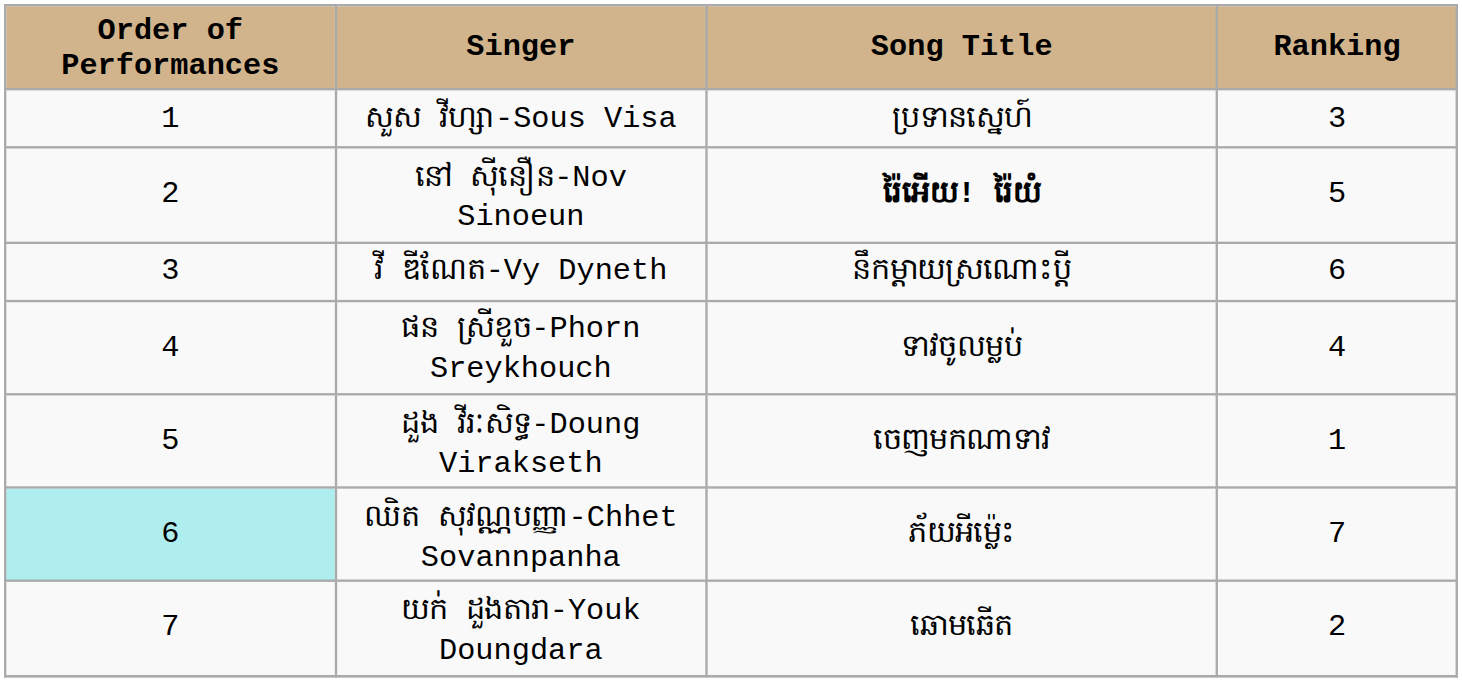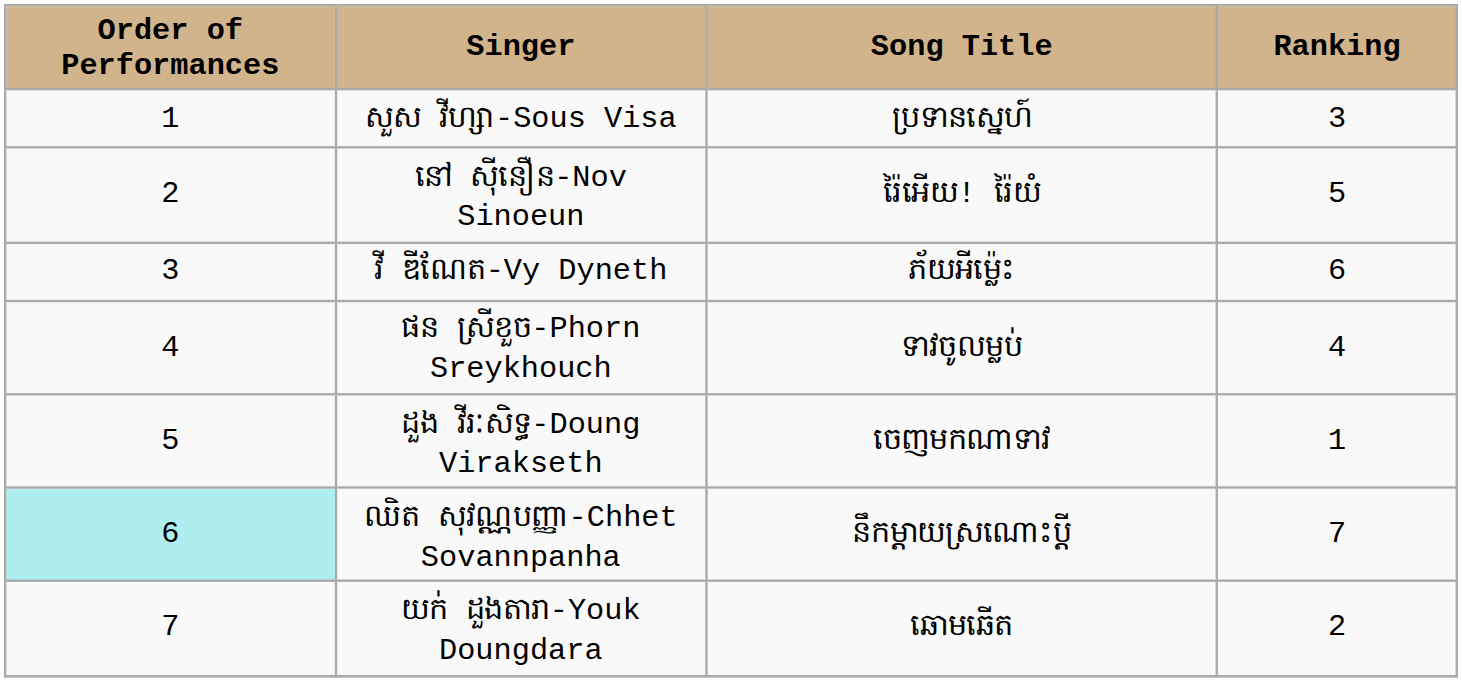 <table class="wikitable sortable mw-collapsible" width="100%" style="text-align:center">
 <tr align=center style="background:tan">
 <td style="width:5%"><strong>Order of Performances</strong></td>
 <td style="width:8%"><strong>Singer</strong></td>
 <td style="width:15%"><strong>Song Title</strong></td>
 <td style="width:5%"><strong>Ranking</strong></td>
 </tr>
 <tr>
 <td>1</td>
 <td>សួស វីហ្សា-Sous Visa</td>
 <td>ប្រទានស្នេហ៍</td>
 <td>3</td>
 </tr>
 <tr align="center">
 <td>2</td>
 <td>នៅ ស៊ីនឿន-Nov Sinoeun</td>
-<td><strong>រ៉ៃអើយ! រ៉ៃយំ</strong></td>
+<td>រ៉ៃអើយ! រ៉ៃយំ</td>
 <td>5</td>
 </tr>
 <tr align="center">
 <td>3</td>
 <td>វី ឌីណែត-Vy Dyneth</td>
-<td>នឹកម្ដាយស្រណោះប្តី</td>
+<td>ភ័យអីម៉្លេះ</td>
 <td>6</td>
 </tr>
 <tr align="center">
 <td>4</td>
 <td>ផន ស្រីខួច-Phorn Sreykhouch</td>
 <td>ទាវចូលម្លប់</td>
 <td>4</td>
 </tr>
 <tr align="center">
 <td>5</td>
 <td>ដួង វីរៈសិទ្ធ-Doung Virakseth</td>
 <td>ចេញមកណាទាវ</td>
 <td>1</td>
 </tr>
 <tr align="center">
 <td style="background: paleturquoise;">6</td>
 <td>ឈិត សុវណ្ណបញ្ញា-Chhet Sovannpanha</td>
-<td>ភ័យអីម៉្លេះ</td>
+<td>នឹកម្ដាយស្រណោះប្តី</td>
 <td>7</td>
 </tr>
 <tr align="center">
 <td>7</td>
 <td>យក់ ដួងតារា-Youk Doungdara</td>
 <td>ឆោមឆើត</td>
 <td>2</td>
 </tr>
 <tr align="center">
 </tr>
 <tr>
 </tr>
 </table>
